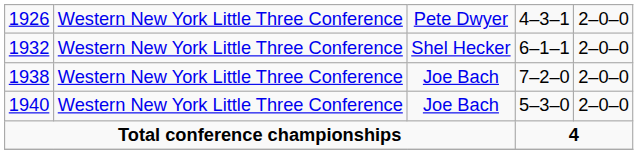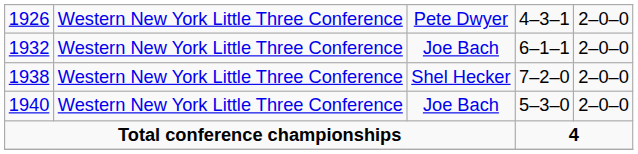 <table class="wikitable" style="text-align:center;">
 <tr>
 <td><a href='#'>1926</a></td>
 <td><a href='#'>Western New York Little Three Conference</a></td>
 <td><a href='#'>Pete Dwyer</a></td>
 <td>4–3–1</td>
 <td>2–0–0</td>
 </tr>
 <tr>
 <td><a href='#'>1932</a></td>
 <td><a href='#'>Western New York Little Three Conference</a></td>
-<td><a href='#'>Shel Hecker</a></td>
+<td><a href='#'>Joe Bach</a></td>
 <td>6–1–1</td>
 <td>2–0–0</td>
 </tr>
 <tr>
 <td><a href='#'>1938</a></td>
 <td><a href='#'>Western New York Little Three Conference</a></td>
-<td><a href='#'>Joe Bach</a></td>
+<td><a href='#'>Shel Hecker</a></td>
 <td>7–2–0</td>
 <td>2–0–0</td>
 </tr>
 <tr>
 <td><a href='#'>1940</a></td>
 <td><a href='#'>Western New York Little Three Conference</a></td>
 <td><a href='#'>Joe Bach</a></td>
 <td>5–3–0</td>
 <td>2–0–0</td>
 </tr>
 <tr>
 <td colspan=3><strong>Total conference championships</strong></td>
 <td colspan=2><strong>4</strong></td>
 </tr>
 <tr>
 </tr>
 </table>
